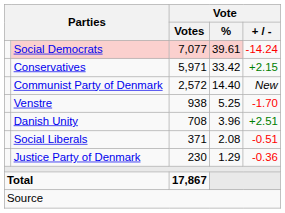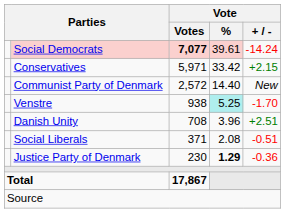 <table class="wikitable" style="text-align:right;">
 <tr>
 <th style="text-align:centre;" rowspan="2" colspan="2" width="225">Parties</th>
 <th colspan="3">Vote</th>
 </tr>
 <tr>
 <th width="15">Votes</th>
 <th width="15">%</th>
 <th width="15">+ / -</th>
 </tr>
 <tr>
 <td width="2" style="color:inherit;background:"></td>
 <td bgcolor=#fbd0ce  align="left"><a href='#'>Social Democrats</a></td>
-<td bgcolor=#fbd0ce>7,077</td>
+<td bgcolor=#fbd0ce><strong>7,077</strong></td>
 <td bgcolor=#fbd0ce>39.61</td>
 <td style=color:red;>-14.24</td>
 </tr>
 <tr>
 <td width="2" style="color:inherit;background:"></td>
 <td align="left"><a href='#'>Conservatives</a></td>
 <td>5,971</td>
 <td>33.42</td>
 <td style=color:green;>+2.15</td>
 </tr>
 <tr>
 <td width="2" style="color:inherit;background:"></td>
 <td align="left"><a href='#'>Communist Party of Denmark</a></td>
 <td>2,572</td>
 <td>14.40</td>
 <td><em>New</em></td>
 </tr>
 <tr>
 <td width="2" style="color:inherit;background:"></td>
 <td align="left"><a href='#'>Venstre</a></td>
 <td>938</td>
-<td>5.25</td>
+<td style="background: paleturquoise;">5.25</td>
 <td style=color:red;>-1.70</td>
 </tr>
 <tr>
 <td width="2" style="color:inherit;background:"></td>
 <td align="left"><a href='#'>Danish Unity</a></td>
 <td>708</td>
 <td>3.96</td>
 <td style=color:green;>+2.51</td>
 </tr>
 <tr>
 <td width="2" style="color:inherit;background:"></td>
 <td align="left"><a href='#'>Social Liberals</a></td>
 <td>371</td>
 <td>2.08</td>
 <td style=color:red;>-0.51</td>
 </tr>
 <tr>
 <td width="2" style="color:inherit;background:"></td>
 <td align="left"><a href='#'>Justice Party of Denmark</a></td>
 <td>230</td>
-<td>1.29</td>
+<td><strong>1.29</strong></td>
 <td style=color:red;>-0.36</td>
 </tr>
 <tr>
 <td colspan="7" bgcolor="#E9E9E9"></td>
 </tr>
 <tr>
 <td align="left" colspan="2"><strong>Total</strong></td>
 <td><strong>17,867</strong></td>
 <td bgcolor="#E9E9E9" colspan="2"></td>
 </tr>
 <tr>
 <td align="left" colspan="6">Source</td>
 </tr>
 </table>
